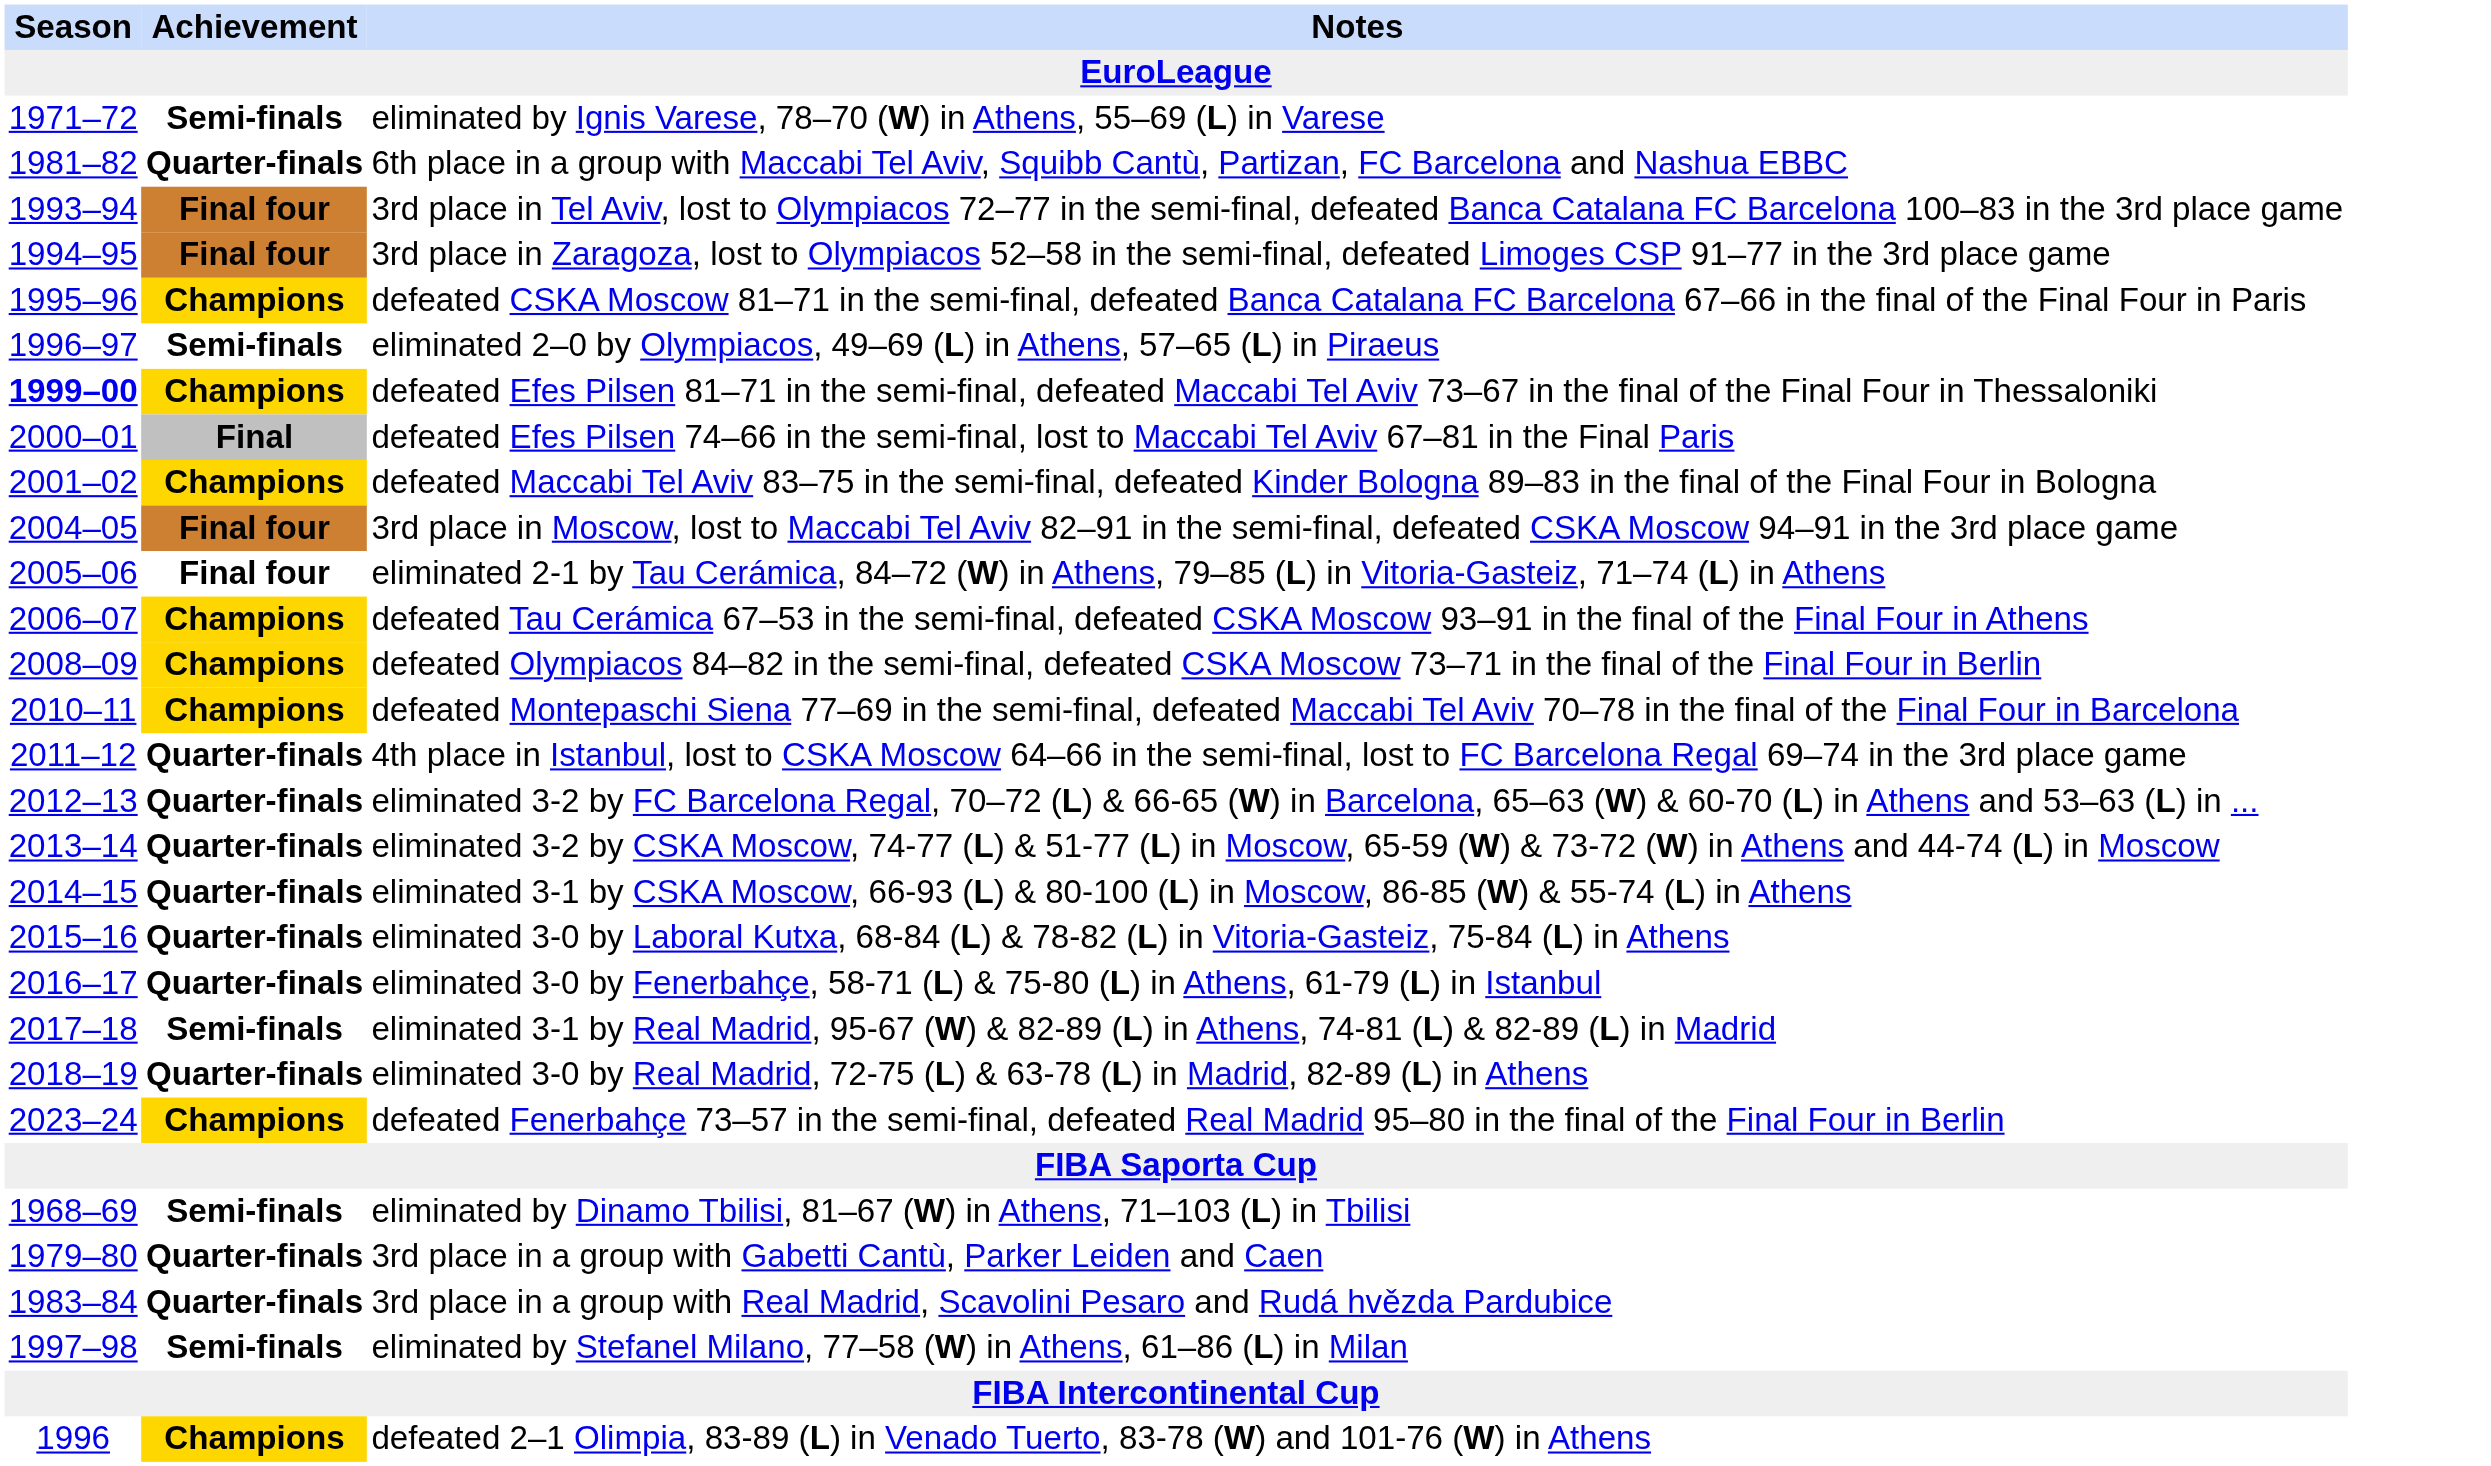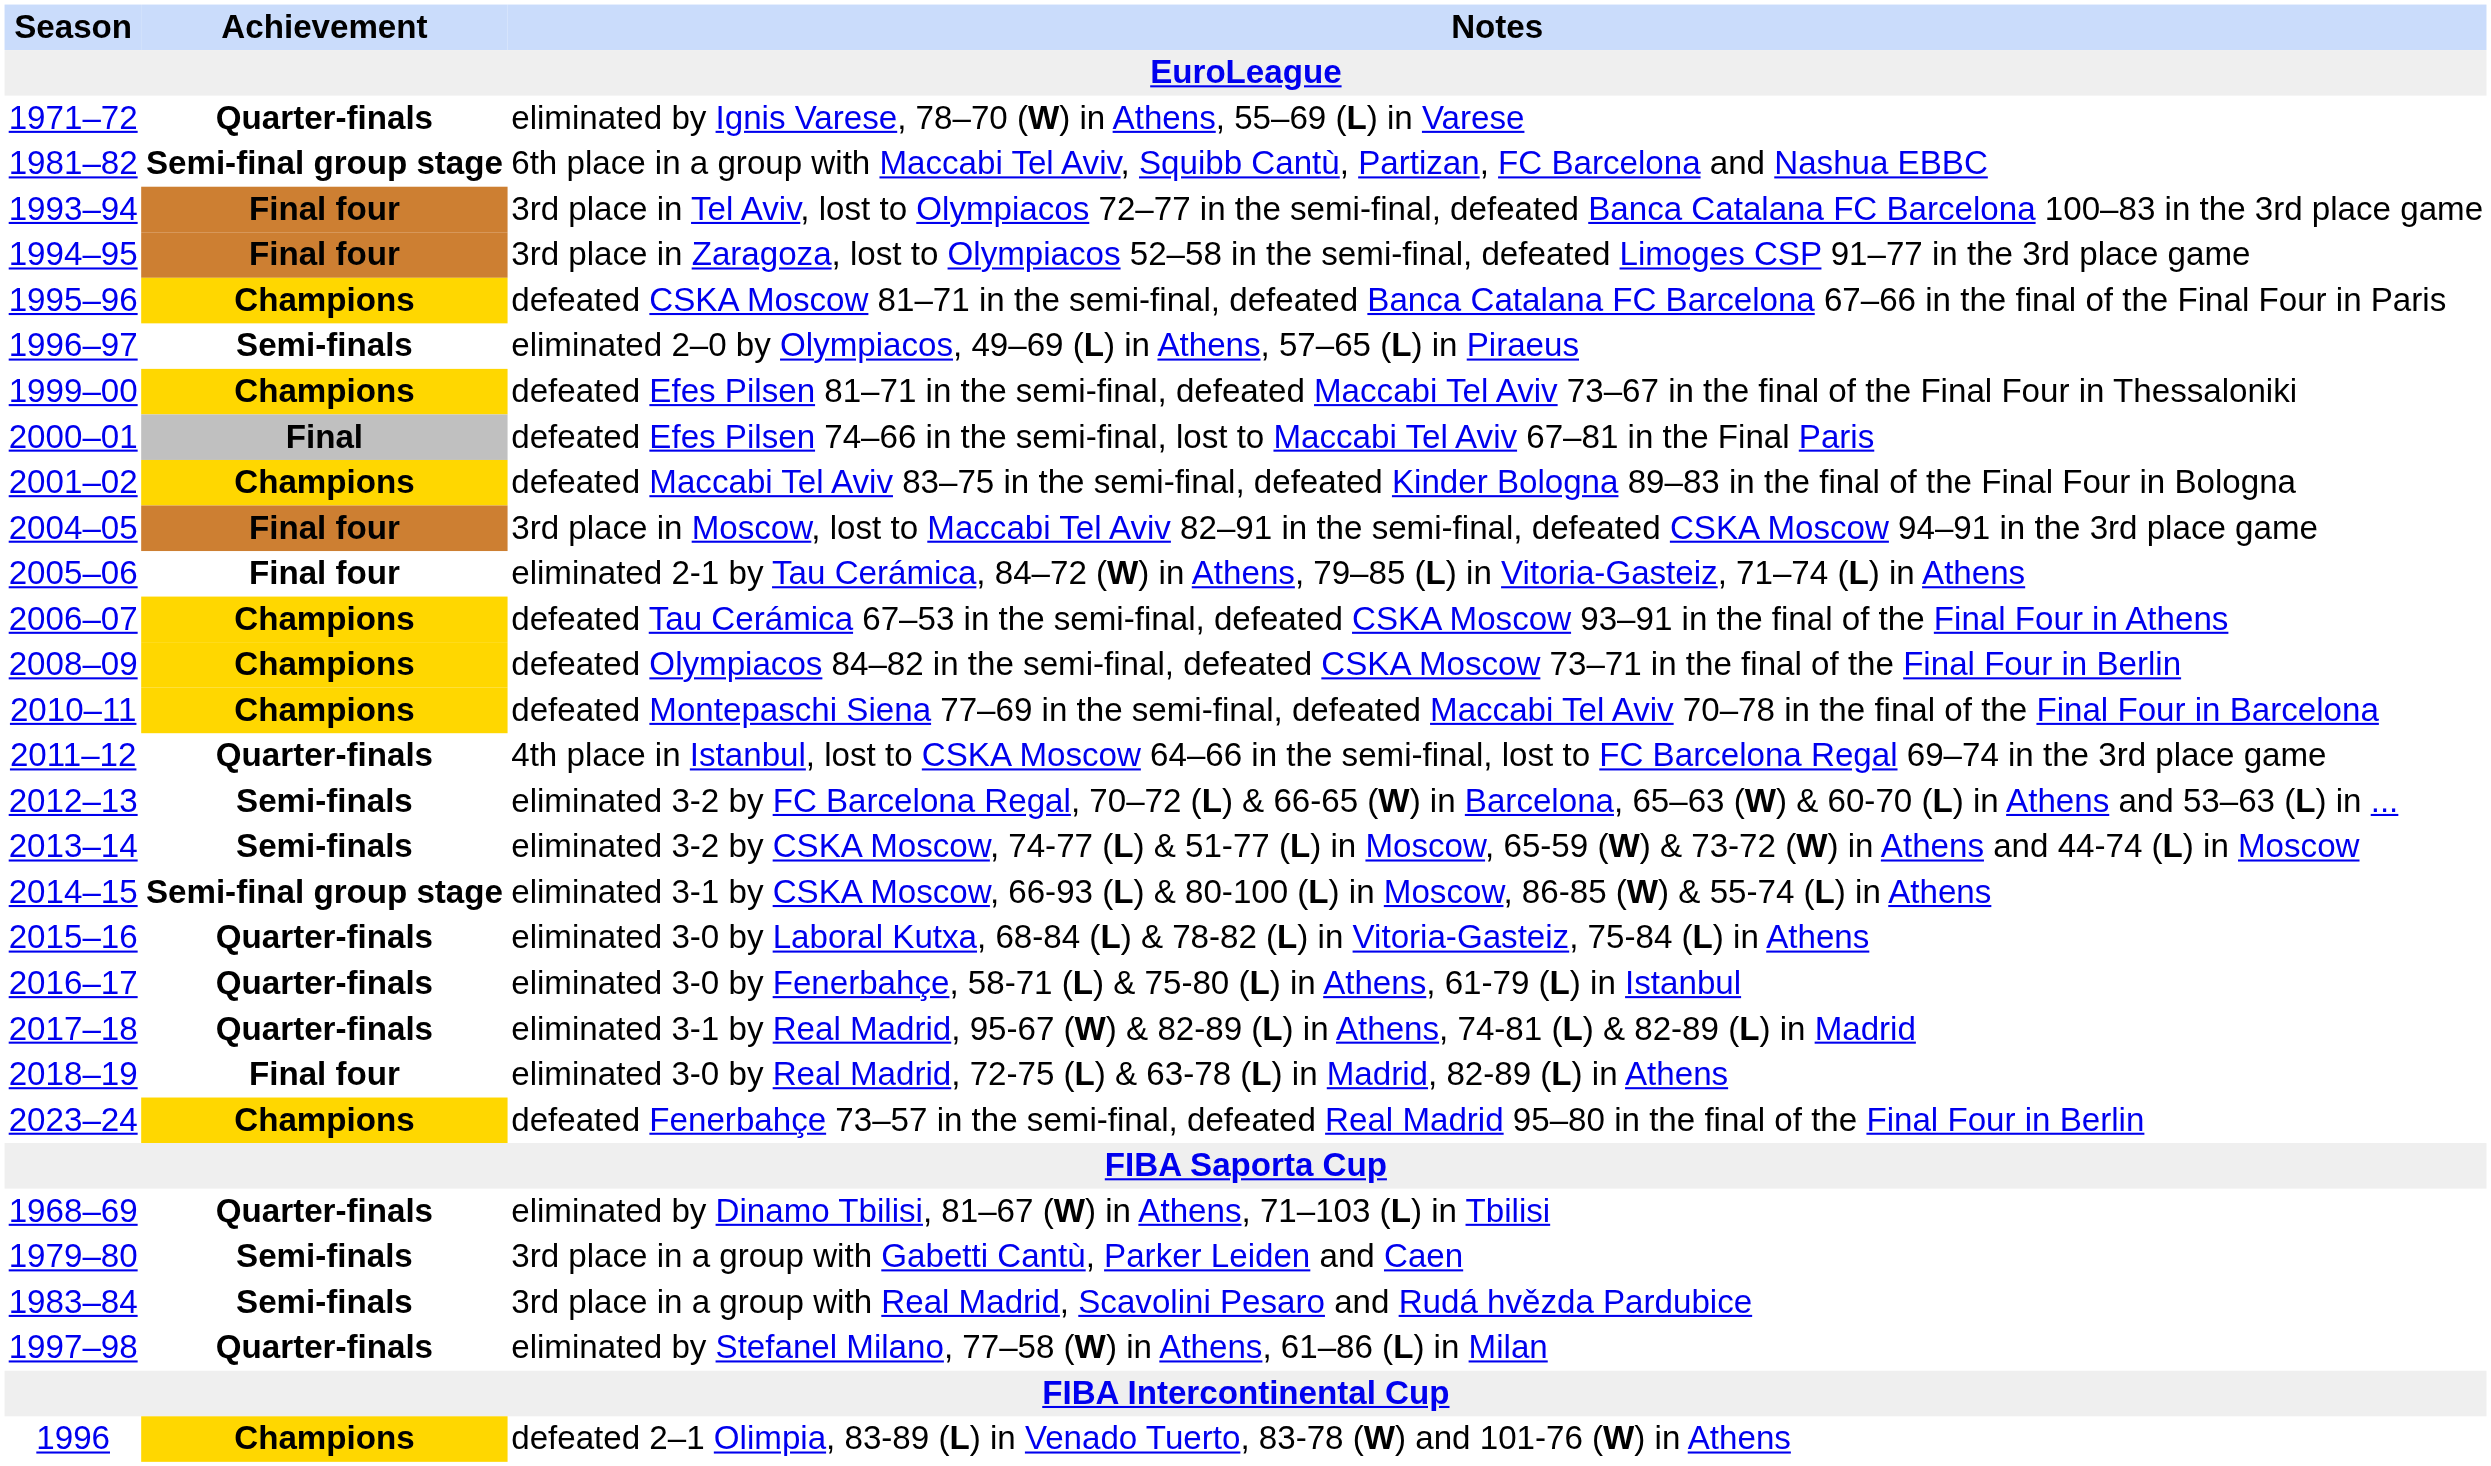 <table class="toccolours" border="0" cellpadding="2" cellspacing="0" align="left" style="margin:0.5em;">
 <tr bgcolor=#CADCFB>
 <th>Season</th>
 <th>Achievement</th>
 <th>Notes</th>
 </tr>
 <tr>
 <th colspan="4" bgcolor=#EFEFEF><a href='#'>EuroLeague</a></th>
 </tr>
 <tr>
 <td align="center"><a href='#'>1971–72</a></td>
-<td align="center"><strong>Semi-finals</strong></td>
+<td align="center"><strong>Quarter-finals</strong></td>
 <td align="left">eliminated by <a href='#'>Ignis Varese</a>, 78–70 (<strong>W</strong>) in <a href='#'>Athens</a>, 55–69 (<strong>L</strong>) in <a href='#'>Varese</a></td>
 </tr>
 <tr>
 <td align="center"><a href='#'>1981–82</a></td>
-<td align="center"><strong>Quarter-finals</strong></td>
+<td align="center"><strong>Semi-final group stage</strong></td>
 <td align="left">6th place in a group with <a href='#'>Maccabi Tel Aviv</a>, <a href='#'>Squibb Cantù</a>, <a href='#'>Partizan</a>, <a href='#'>FC Barcelona</a> and <a href='#'>Nashua EBBC</a></td>
 </tr>
 <tr>
 <td align="center"><a href='#'>1993–94</a></td>
 <td align="center" bgcolor= #CD7F32><strong>Final four</strong></td>
 <td align="left">3rd place in <a href='#'>Tel Aviv</a>, lost to <a href='#'>Olympiacos</a> 72–77 in the semi-final, defeated <a href='#'>Banca Catalana FC Barcelona</a> 100–83 in the 3rd place game</td>
 </tr>
 <tr>
 <td align="center"><a href='#'>1994–95</a></td>
 <td align="center" bgcolor= #CD7F32><strong>Final four</strong></td>
 <td align="left">3rd place in <a href='#'>Zaragoza</a>, lost to <a href='#'>Olympiacos</a> 52–58 in the semi-final, defeated <a href='#'>Limoges CSP</a> 91–77 in the 3rd place game</td>
 </tr>
 <tr>
 <td align="center"><a href='#'>1995–96</a></td>
 <td align="center" bgcolor="gold"><strong>Champions</strong></td>
 <td align="left">defeated <a href='#'>CSKA Moscow</a> 81–71 in the semi-final, defeated <a href='#'>Banca Catalana FC Barcelona</a> 67–66 in the final of the Final Four in Paris</td>
 </tr>
 <tr>
 <td align="center"><a href='#'>1996–97</a></td>
 <td align="center"><strong>Semi-finals</strong></td>
 <td align="left">eliminated 2–0 by <a href='#'>Olympiacos</a>, 49–69 (<strong>L</strong>) in <a href='#'>Athens</a>, 57–65 (<strong>L</strong>) in <a href='#'>Piraeus</a></td>
 </tr>
 <tr>
-<td align="center"><strong><a href='#'>1999–00</a></strong></td>
+<td align="center"><a href='#'>1999–00</a></td>
 <td align="center" bgcolor="gold"><strong>Champions</strong></td>
 <td align="left">defeated <a href='#'>Efes Pilsen</a> 81–71 in the semi-final, defeated <a href='#'>Maccabi Tel Aviv</a> 73–67 in the final of the Final Four in Thessaloniki</td>
 </tr>
 <tr>
 <td align="center"><a href='#'>2000–01</a></td>
 <td align="center" bgcolor= silver><strong>Final</strong></td>
 <td align="left">defeated <a href='#'>Efes Pilsen</a> 74–66 in the semi-final, lost to <a href='#'>Maccabi Tel Aviv</a> 67–81 in the Final <a href='#'>Paris</a></td>
 </tr>
 <tr>
 <td align="center"><a href='#'>2001–02</a></td>
 <td align="center" bgcolor="gold"><strong>Champions</strong></td>
 <td align="left">defeated <a href='#'>Maccabi Tel Aviv</a> 83–75 in the semi-final, defeated <a href='#'>Kinder Bologna</a> 89–83 in the final of the Final Four in Bologna</td>
 </tr>
 <tr>
 <td align="center"><a href='#'>2004–05</a></td>
 <td align="center" bgcolor= #CD7F32><strong>Final four</strong></td>
 <td align="left">3rd place in <a href='#'>Moscow</a>, lost to <a href='#'>Maccabi Tel Aviv</a> 82–91 in the semi-final, defeated <a href='#'>CSKA Moscow</a> 94–91 in the 3rd place game</td>
 </tr>
 <tr>
 <td align="center"><a href='#'>2005–06</a></td>
 <td align="center"><strong>Final four</strong></td>
 <td align="left">eliminated 2-1 by <a href='#'>Tau Cerámica</a>, 84–72 (<strong>W</strong>) in <a href='#'>Athens</a>, 79–85 (<strong>L</strong>) in <a href='#'>Vitoria-Gasteiz</a>, 71–74 (<strong>L</strong>) in <a href='#'>Athens</a></td>
 </tr>
 <tr>
 <td align="center"><a href='#'>2006–07</a></td>
 <td align="center" bgcolor="gold"><strong>Champions</strong></td>
 <td align="left">defeated <a href='#'>Tau Cerámica</a> 67–53 in the semi-final, defeated <a href='#'>CSKA Moscow</a> 93–91 in the final of the <a href='#'>Final Four in Athens</a></td>
 </tr>
 <tr>
 <td align="center"><a href='#'>2008–09</a></td>
 <td align="center" bgcolor="gold"><strong>Champions</strong></td>
 <td align="left">defeated <a href='#'>Olympiacos</a> 84–82 in the semi-final, defeated <a href='#'>CSKA Moscow</a> 73–71 in the final of the <a href='#'>Final Four in Berlin</a></td>
 </tr>
 <tr>
 <td align="center"><a href='#'>2010–11</a></td>
 <td align="center" bgcolor="gold"><strong>Champions</strong></td>
 <td align="left">defeated <a href='#'>Montepaschi Siena</a> 77–69 in the semi-final, defeated <a href='#'>Maccabi Tel Aviv</a> 70–78 in the final of the <a href='#'>Final Four in Barcelona</a></td>
 </tr>
 <tr>
 <td align="center"><a href='#'>2011–12</a></td>
 <td align="center"><strong>Quarter-finals</strong></td>
 <td align="left">4th place in <a href='#'>Istanbul</a>, lost to <a href='#'>CSKA Moscow</a> 64–66 in the semi-final, lost to <a href='#'>FC Barcelona Regal</a> 69–74 in the 3rd place game</td>
 </tr>
 <tr>
 <td align="center"><a href='#'>2012–13</a></td>
-<td align="center"><strong>Quarter-finals</strong></td>
+<td align="center"><strong>Semi-finals</strong></td>
 <td align="left">eliminated 3-2 by <a href='#'>FC Barcelona Regal</a>, 70–72 (<strong>L</strong>) & 66-65 (<strong>W</strong>) in <a href='#'>Barcelona</a>, 65–63 (<strong>W</strong>) & 60-70 (<strong>L</strong>) in <a href='#'>Athens</a> and 53–63 (<strong>L</strong>) in <a href='#'>...</a></td>
 </tr>
 <tr>
 <td align="center"><a href='#'>2013–14</a></td>
-<td align="center"><strong>Quarter-finals</strong></td>
+<td align="center"><strong>Semi-finals</strong></td>
 <td align="left">eliminated 3-2 by <a href='#'>CSKA Moscow</a>, 74-77 (<strong>L</strong>) & 51-77 (<strong>L</strong>) in <a href='#'>Moscow</a>, 65-59 (<strong>W</strong>) & 73-72 (<strong>W</strong>) in <a href='#'>Athens</a> and 44-74 (<strong>L</strong>) in <a href='#'>Moscow</a></td>
 </tr>
 <tr>
 <td align="center"><a href='#'>2014–15</a></td>
-<td align="center"><strong>Quarter-finals</strong></td>
+<td align="center"><strong>Semi-final group stage</strong></td>
 <td align="left">eliminated 3-1 by <a href='#'>CSKA Moscow</a>, 66-93 (<strong>L</strong>) & 80-100 (<strong>L</strong>) in <a href='#'>Moscow</a>, 86-85 (<strong>W</strong>) & 55-74 (<strong>L</strong>) in <a href='#'>Athens</a></td>
 </tr>
 <tr>
 <td align="center"><a href='#'>2015–16</a></td>
 <td align="center"><strong>Quarter-finals</strong></td>
 <td align="left">eliminated 3-0 by <a href='#'>Laboral Kutxa</a>, 68-84 (<strong>L</strong>) & 78-82 (<strong>L</strong>) in <a href='#'>Vitoria-Gasteiz</a>, 75-84 (<strong>L</strong>) in <a href='#'>Athens</a></td>
 </tr>
 <tr>
 <td align="center"><a href='#'>2016–17</a></td>
 <td align="center"><strong>Quarter-finals</strong></td>
 <td align="left">eliminated 3-0 by <a href='#'>Fenerbahçe</a>, 58-71 (<strong>L</strong>) & 75-80 (<strong>L</strong>) in <a href='#'>Athens</a>, 61-79 (<strong>L</strong>) in <a href='#'>Istanbul</a></td>
 </tr>
 <tr>
 <td align="center"><a href='#'>2017–18</a></td>
-<td align="center"><strong>Semi-finals</strong></td>
+<td align="center"><strong>Quarter-finals</strong></td>
 <td align="left">eliminated 3-1 by <a href='#'>Real Madrid</a>, 95-67 (<strong>W</strong>) & 82-89 (<strong>L</strong>) in <a href='#'>Athens</a>, 74-81 (<strong>L</strong>) & 82-89 (<strong>L</strong>) in <a href='#'>Madrid</a></td>
 </tr>
 <tr>
 <td align="center"><a href='#'>2018–19</a></td>
-<td align="center"><strong>Quarter-finals</strong></td>
+<td align="center"><strong>Final four</strong></td>
 <td align="left">eliminated 3-0 by <a href='#'>Real Madrid</a>, 72-75 (<strong>L</strong>) & 63-78 (<strong>L</strong>) in <a href='#'>Madrid</a>, 82-89 (<strong>L</strong>) in <a href='#'>Athens</a></td>
 </tr>
 <tr>
 <td align="center"><a href='#'>2023–24</a></td>
 <td align="center" bgcolor="gold"><strong>Champions</strong></td>
 <td align="left">defeated <a href='#'>Fenerbahçe</a> 73–57 in the semi-final, defeated <a href='#'>Real Madrid</a> 95–80 in the final of the <a href='#'>Final Four in Berlin</a></td>
 </tr>
 <tr>
 <th colspan="4" bgcolor=#EFEFEF><a href='#'>FIBA Saporta Cup</a></th>
 </tr>
 <tr>
 <td align="center"><a href='#'>1968–69</a></td>
-<td align="center"><strong>Semi-finals</strong></td>
+<td align="center"><strong>Quarter-finals</strong></td>
 <td align="left">eliminated by <a href='#'>Dinamo Tbilisi</a>, 81–67 (<strong>W</strong>) in <a href='#'>Athens</a>, 71–103 (<strong>L</strong>) in <a href='#'>Tbilisi</a></td>
 </tr>
 <tr>
 <td align="center"><a href='#'>1979–80</a></td>
-<td align="center"><strong>Quarter-finals</strong></td>
+<td align="center"><strong>Semi-finals</strong></td>
 <td align="left">3rd place in a group with <a href='#'>Gabetti Cantù</a>, <a href='#'>Parker Leiden</a> and <a href='#'>Caen</a></td>
 </tr>
 <tr>
 <td align="center"><a href='#'>1983–84</a></td>
-<td align="center"><strong>Quarter-finals</strong></td>
+<td align="center"><strong>Semi-finals</strong></td>
 <td align="left">3rd place in a group with <a href='#'>Real Madrid</a>, <a href='#'>Scavolini Pesaro</a> and <a href='#'>Rudá hvězda Pardubice</a></td>
 </tr>
 <tr>
 <td align="center"><a href='#'>1997–98</a></td>
-<td align="center"><strong>Semi-finals</strong></td>
+<td align="center"><strong>Quarter-finals</strong></td>
 <td align="left">eliminated by <a href='#'>Stefanel Milano</a>, 77–58 (<strong>W</strong>) in <a href='#'>Athens</a>, 61–86 (<strong>L</strong>) in <a href='#'>Milan</a></td>
 </tr>
 <tr>
 <th colspan="4" bgcolor=#EFEFEF><a href='#'>FIBA Intercontinental Cup</a></th>
 </tr>
 <tr>
 <td align="center"><a href='#'>1996</a></td>
 <td align="center" bgcolor="gold"><strong>Champions</strong></td>
 <td align="left">defeated 2–1 <a href='#'>Olimpia</a>, 83-89 (<strong>L</strong>) in <a href='#'>Venado Tuerto</a>, 83-78 (<strong>W</strong>) and 101-76 (<strong>W</strong>) in <a href='#'>Athens</a></td>
 </tr>
 </table>
